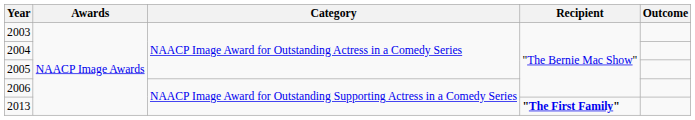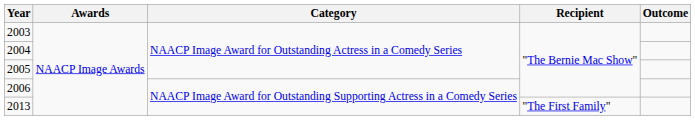 <table class="wikitable sortable">
 <tr>
 <th>Year</th>
 <th>Awards</th>
 <th>Category</th>
 <th>Recipient</th>
 <th>Outcome</th>
 </tr>
 <tr>
 <td>2003</td>
 <td rowspan=5><a href='#'>NAACP Image Awards</a></td>
 <td rowspan=3><a href='#'>NAACP Image Award for Outstanding Actress in a Comedy Series</a></td>
 <td rowspan=4>"<a href='#'>The Bernie Mac Show</a>"</td>
 <td></td>
 </tr>
 <tr>
 <td>2004</td>
 <td></td>
 </tr>
 <tr>
 <td>2005</td>
 <td></td>
 </tr>
 <tr>
 <td>2006</td>
 <td rowspan=2><a href='#'>NAACP Image Award for Outstanding Supporting Actress in a Comedy Series</a></td>
 <td></td>
 </tr>
 <tr>
 <td>2013</td>
-<td><strong>"<a href='#'>The First Family</a>"</strong></td>
+<td>"<a href='#'>The First Family</a>"</td>
 <td></td>
 </tr>
 </table>
